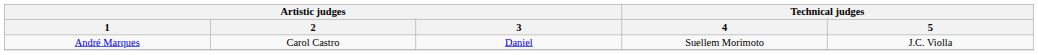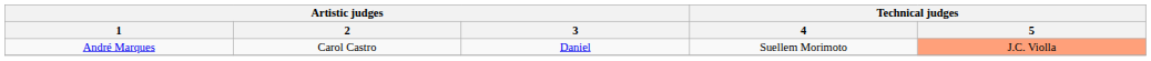 <table class="wikitable" style="font-size:100%; line-height:16px; text-align:center" width="100%">
 <tr>
 <th colspan=3>Artistic judges</th>
 <th colspan=2>Technical judges</th>
 </tr>
 <tr>
 <th width="20.0%">1</th>
 <th width="20.0%">2</th>
 <th width="20.0%">3</th>
 <th width="20.0%">4</th>
 <th width="20.0%">5</th>
 </tr>
 <tr>
 <td><a href='#'>André Marques</a></td>
 <td>Carol Castro</td>
 <td><a href='#'>Daniel</a></td>
 <td>Suellem Morimoto</td>
-<td>J.C. Violla</td>
+<td style="background: lightsalmon;">J.C. Violla</td>
 </tr>
 <tr>
 </tr>
 </table>
